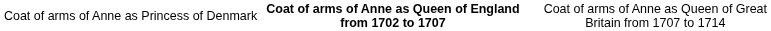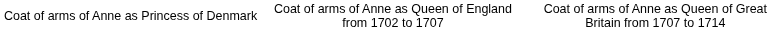 <table border="0" align="center" width="80%">
 <tr>
 <th width=33%></th>
 <th width=33%></th>
 <th width=33%></th>
 </tr>
 <tr>
 <td style="text-align: center;">Coat of arms of Anne as Princess of Denmark</td>
-<td style="text-align: center;"><strong>Coat of arms of Anne as Queen of England from 1702 to 1707</strong></td>
+<td style="text-align: center;">Coat of arms of Anne as Queen of England from 1702 to 1707</td>
 <td style="text-align: center;">Coat of arms of Anne as Queen of Great Britain from 1707 to 1714</td>
 </tr>
 </table>
